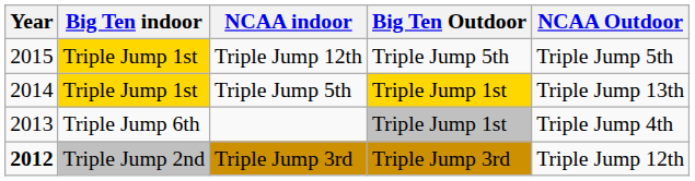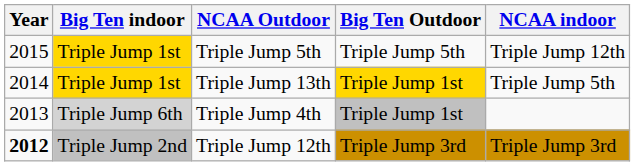 <table class="wikitable sortable">
 <tr>
 <th>Year</th>
 <th><a href='#'>Big Ten</a> indoor</th>
+<th><a href='#'>NCAA Outdoor</a></th>
+<th><a href='#'>Big Ten</a> Outdoor</th>
 <th><a href='#'>NCAA indoor</a></th>
-<th><a href='#'>Big Ten</a> Outdoor</th>
-<th><a href='#'>NCAA Outdoor</a></th>
 </tr>
 <tr>
 <td>2015</td>
 <td bgcolor=gold>Triple Jump  1st</td>
-<td>Triple Jump  12th</td>
 <td>Triple Jump  5th</td>
 <td>Triple Jump  5th</td>
+<td>Triple Jump  12th</td>
 </tr>
 <tr>
 <td>2014</td>
 <td bgcolor=gold>Triple Jump  1st</td>
+<td>Triple Jump  13th</td>
+<td bgcolor=gold>Triple Jump  1st</td>
 <td>Triple Jump  5th</td>
-<td bgcolor=gold>Triple Jump  1st</td>
-<td>Triple Jump  13th</td>
 </tr>
 <tr>
 <td>2013</td>
-<td>Triple Jump  6th</td>
+<td style="background: lightgrey;">Triple Jump  6th</td>
+<td>Triple Jump  4th</td>
+<td bgcolor=silver>Triple Jump  1st</td>
 <td></td>
-<td bgcolor=silver>Triple Jump  1st</td>
-<td>Triple Jump  4th</td>
 </tr>
 <tr>
 <td><strong>2012</strong></td>
 <td bgcolor=silver>Triple Jump  2nd</td>
+<td>Triple Jump  12th</td>
 <td bgcolor=cc99000>Triple Jump  3rd</td>
 <td bgcolor=cc99000>Triple Jump  3rd</td>
-<td>Triple Jump  12th</td>
 </tr>
 </table>
